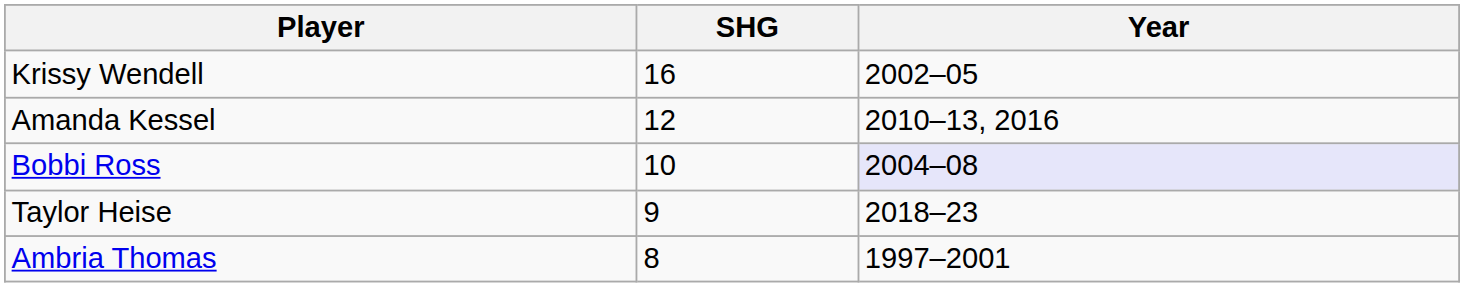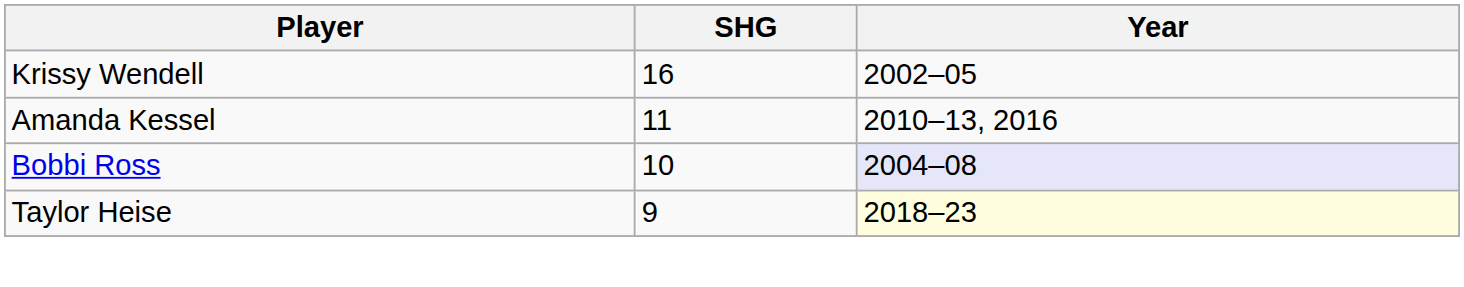 <table class="wikitable" style="width: 50em">
 <tr>
 <th>Player</th>
 <th>SHG</th>
 <th>Year</th>
 </tr>
 <tr>
 <td>Krissy Wendell</td>
 <td>16</td>
 <td>2002–05</td>
 </tr>
 <tr>
 <td>Amanda Kessel</td>
-<td>12</td>
+<td>11</td>
 <td>2010–13, 2016</td>
 </tr>
 <tr>
 <td><a href='#'>Bobbi Ross</a></td>
 <td>10</td>
 <td style="background: lavender;">2004–08</td>
 </tr>
 <tr>
 <td>Taylor Heise</td>
 <td>9</td>
-<td>2018–23</td>
-</tr>
-<tr>
-<td><a href='#'>Ambria Thomas</a></td>
-<td>8</td>
-<td>1997–2001</td>
+<td style="background: lightyellow;">2018–23</td>
 </tr>
 </table>
